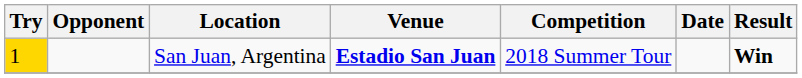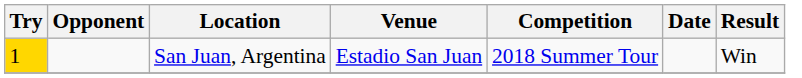 <table class="wikitable sortable">
 <tr>
 <th>Try</th>
 <th>Opponent</th>
 <th>Location</th>
 <th>Venue</th>
 <th>Competition</th>
 <th>Date</th>
 <th>Result</th>
 </tr>
 <tr>
 <td style="background: gold;">1</td>
 <td></td>
 <td><a href='#'>San Juan</a>, Argentina</td>
-<td><strong><a href='#'>Estadio San Juan</a></strong></td>
+<td><a href='#'>Estadio San Juan</a></td>
 <td><a href='#'>2018 Summer Tour</a></td>
 <td></td>
-<td><strong>Win</strong></td>
+<td>Win</td>
 </tr>
 <tr>
 </tr>
 </table>
